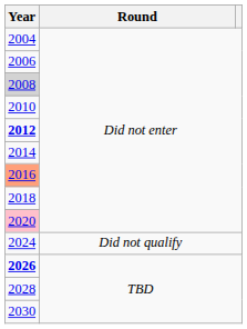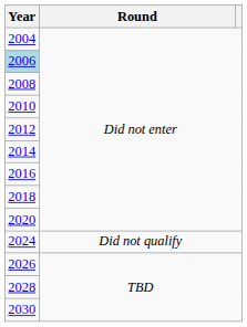 <table class="wikitable" style="text-align: center; font-size:90%">
 <tr>
 <th>Year</th>
 <th style="width:200px">Round</th>
 <th></th>
 </tr>
 <tr>
 <td><a href='#'>2004</a></td>
 <td colspan="2" rowspan="9"><em>Did not enter</em></td>
 </tr>
 <tr>
-<td><a href='#'>2006</a></td>
+<td style="background: lightblue;"><a href='#'>2006</a></td>
 </tr>
 <tr>
-<td style="background: lightgrey;"><a href='#'>2008</a></td>
+<td><a href='#'>2008</a></td>
 </tr>
 <tr>
 <td><a href='#'>2010</a></td>
 </tr>
 <tr>
-<td><strong><a href='#'>2012</a></strong></td>
+<td><a href='#'>2012</a></td>
 </tr>
 <tr>
 <td><a href='#'>2014</a></td>
 </tr>
 <tr>
-<td style="background: lightsalmon;"><a href='#'>2016</a></td>
+<td><a href='#'>2016</a></td>
 </tr>
 <tr>
 <td><a href='#'>2018</a></td>
 </tr>
 <tr>
-<td style="background: pink;"><a href='#'>2020</a></td>
+<td><a href='#'>2020</a></td>
 </tr>
 <tr>
 <td><a href='#'>2024</a></td>
 <td colspan="2"><em>Did not qualify</em></td>
 </tr>
 <tr>
-<td><strong><a href='#'>2026</a></strong></td>
+<td><a href='#'>2026</a></td>
 <td colspan="2" rowspan="3"><em>TBD</em></td>
 </tr>
 <tr>
 <td><a href='#'>2028</a></td>
 </tr>
 <tr>
 <td><a href='#'>2030</a></td>
 </tr>
 </table>
